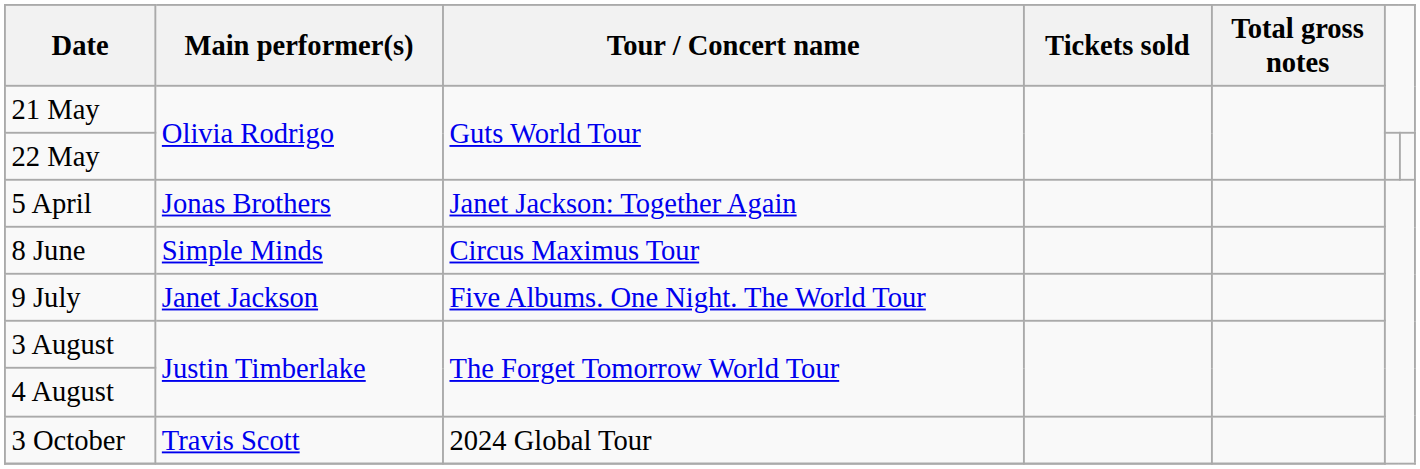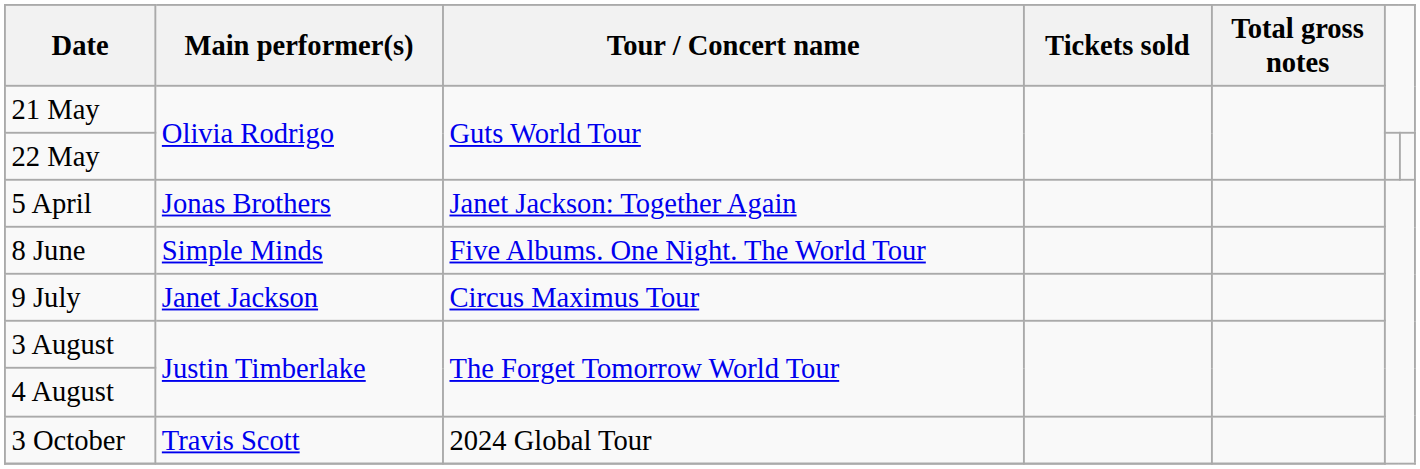 <table class="wikitable"  style="text-align:left; font-size:95%; width:85%;">
 <tr>
 <th style="text-align:center;">Date</th>
 <th style="text-align:center;">Main performer(s)</th>
 <th style="text-align:center;">Tour / Concert name</th>
 <th style="text-align:center;">Tickets sold</th>
 <th style="text-align:center;">Total gross<br>notes</th>
 </tr>
 <tr>
 <td>21 May</td>
 <td rowspan=2><a href='#'>Olivia Rodrigo</a></td>
 <td rowspan=2><a href='#'>Guts World Tour</a></td>
 <td rowspan=2></td>
 <td rowspan=2></td>
 </tr>
 <tr>
 <td>22 May</td>
 <td></td>
 <td></td>
 </tr>
 <tr>
 <td>5 April</td>
 <td><a href='#'>Jonas Brothers</a></td>
 <td><a href='#'>Janet Jackson: Together Again</a></td>
 <td></td>
 <td></td>
 </tr>
 <tr>
 <td>8 June</td>
 <td><a href='#'>Simple Minds</a></td>
-<td><a href='#'>Circus Maximus Tour</a></td>
+<td><a href='#'>Five Albums. One Night. The World Tour</a></td>
 <td align=center></td>
 <td align=center></td>
 </tr>
 <tr>
 <td>9 July</td>
 <td><a href='#'>Janet Jackson</a></td>
-<td><a href='#'>Five Albums. One Night. The World Tour</a></td>
+<td><a href='#'>Circus Maximus Tour</a></td>
 <td></td>
 <td></td>
 </tr>
 <tr>
 <td>3 August</td>
 <td rowspan=2><a href='#'>Justin Timberlake</a></td>
 <td rowspan=2><a href='#'>The Forget Tomorrow World Tour</a></td>
 <td rowspan=2></td>
 <td rowspan=2></td>
 </tr>
 <tr>
 <td>4 August</td>
 </tr>
 <tr>
 <td>3 October</td>
 <td><a href='#'>Travis Scott</a></td>
 <td>2024 Global Tour</td>
 <td></td>
 <td></td>
 </tr>
 <tr>
 </tr>
 </table>
